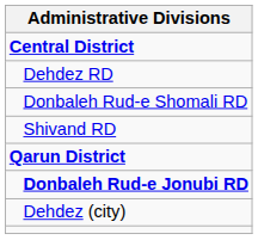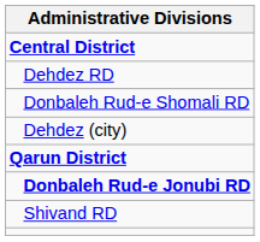 <table class="wikitable">
 <tr>
 <th>Administrative Divisions</th>
 </tr>
 <tr>
 <td><strong><a href='#'>Central District</a></strong></td>
 </tr>
 <tr>
 <td style="padding-left: 1em;"><a href='#'>Dehdez RD</a></td>
 </tr>
 <tr>
 <td style="padding-left: 1em;"><a href='#'>Donbaleh Rud-e Shomali RD</a></td>
 </tr>
 <tr>
-<td style="padding-left: 1em;"><a href='#'>Shivand RD</a></td>
+<td style="padding-left: 1em;"><a href='#'>Dehdez</a> (city)</td>
 </tr>
 <tr>
 <td><strong><a href='#'>Qarun District</a></strong></td>
 </tr>
 <tr>
 <td style="padding-left: 1em;"><strong><a href='#'>Donbaleh Rud-e Jonubi RD</a></strong></td>
 </tr>
 <tr>
-<td style="padding-left: 1em;"><a href='#'>Dehdez</a> (city)</td>
+<td style="padding-left: 1em;"><a href='#'>Shivand RD</a></td>
 </tr>
 <tr>
 <td colspan=1></td>
 </tr>
 </table>
